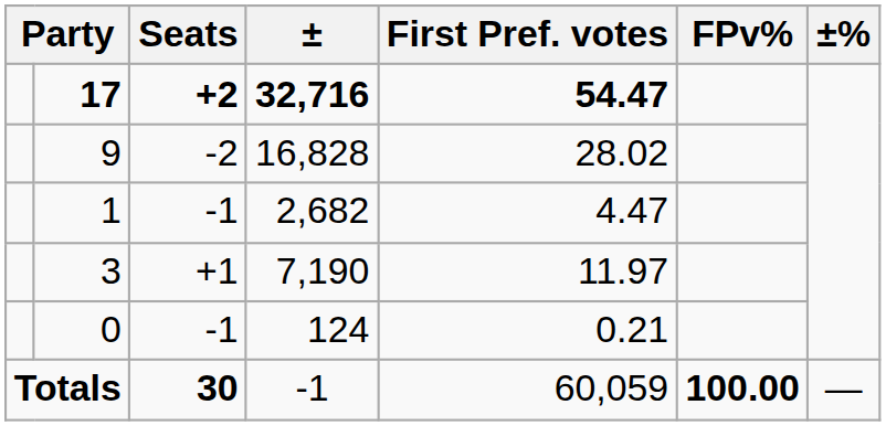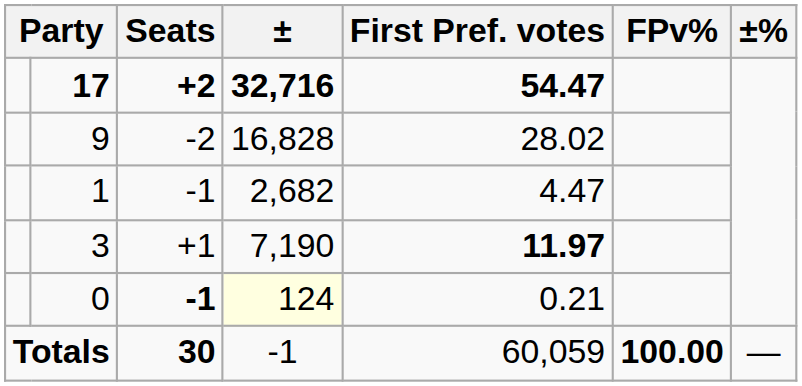 <table class=wikitable>
 <tr>
 <th colspan=2 align=center>Party</th>
 <th valign=top>Seats</th>
 <th valign=top>±</th>
 <th valign=top>First Pref. votes</th>
 <th valign=top>FPv%</th>
 <th valign=top>±%</th>
 </tr>
 <tr>
 <td></td>
 <td align=right><strong>17</strong></td>
 <td align=right><strong>+2</strong></td>
 <td align=right><strong>32,716</strong></td>
 <td align=right><strong>54.47</strong></td>
 <td align=right></td>
 </tr>
 <tr>
 <td></td>
 <td align=right>9</td>
 <td align=right>-2</td>
 <td align=right>16,828</td>
 <td align=right>28.02</td>
 <td align=right></td>
 </tr>
 <tr>
 <td></td>
 <td align=right>1</td>
 <td align=right>-1</td>
 <td align=right>2,682</td>
 <td align=right>4.47</td>
 <td align=right></td>
 </tr>
 <tr>
 <td></td>
 <td align=right>3</td>
 <td align=right>+1</td>
 <td align=right>7,190</td>
-<td align=right>11.97</td>
+<td align=right><strong>11.97</strong></td>
 <td align=right></td>
 </tr>
 <tr>
 <td></td>
 <td align=right>0</td>
-<td align=right>-1</td>
-<td align=right>124</td>
+<td align=right><strong>-1</strong></td>
+<td align=right style="background: lightyellow;">124</td>
 <td align=right>0.21</td>
 <td align=right></td>
 </tr>
 <tr>
 <td colspan=2 align=center><strong>Totals</strong></td>
 <td align=right><strong>30</strong></td>
 <td align=center>-1</td>
 <td align=right>60,059</td>
 <td align=center><strong>100.00</strong></td>
 <td align=center>—</td>
 </tr>
 </table>
